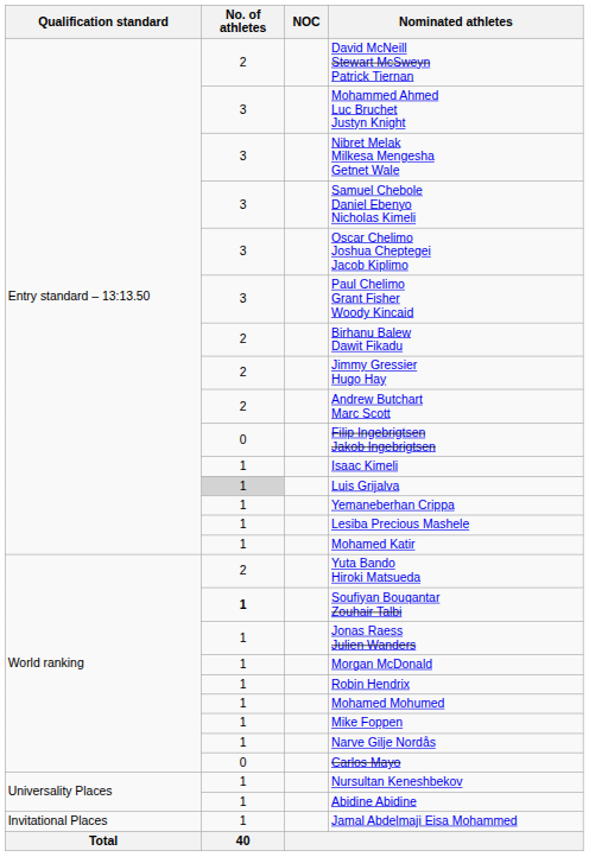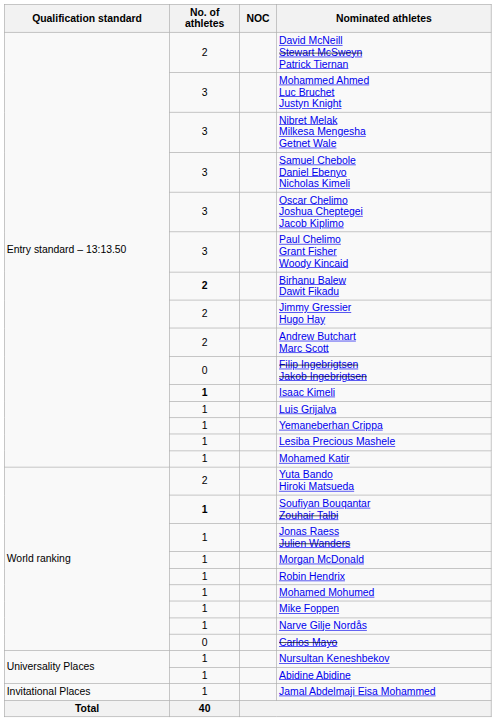 <table class="wikitable" style="text-align:left; width:750px;">
 <tr>
 <th>Qualification standard</th>
 <th width=100>No. of athletes</th>
 <th>NOC</th>
 <th>Nominated athletes</th>
 </tr>
 <tr>
 <td rowspan=15>Entry standard – 13:13.50</td>
 <td align=center>2</td>
 <td></td>
 <td><a href='#'>David McNeill</a><br><s><a href='#'>Stewart McSweyn</a></s><br><a href='#'>Patrick Tiernan</a></td>
 </tr>
 <tr>
 <td align=center>3</td>
 <td></td>
 <td><a href='#'>Mohammed Ahmed</a><br><a href='#'>Luc Bruchet</a><br><a href='#'>Justyn Knight</a></td>
 </tr>
 <tr>
 <td align=center>3</td>
 <td></td>
 <td><a href='#'>Nibret Melak</a><br><a href='#'>Milkesa Mengesha</a><br><a href='#'>Getnet Wale</a></td>
 </tr>
 <tr>
 <td align=center>3</td>
 <td></td>
 <td><a href='#'>Samuel Chebole</a><br><a href='#'>Daniel Ebenyo</a><br><a href='#'>Nicholas Kimeli</a></td>
 </tr>
 <tr>
 <td align=center>3</td>
 <td></td>
 <td><a href='#'>Oscar Chelimo</a><br><a href='#'>Joshua Cheptegei</a><br><a href='#'>Jacob Kiplimo</a></td>
 </tr>
 <tr>
 <td align=center>3</td>
 <td></td>
 <td><a href='#'>Paul Chelimo</a><br><a href='#'>Grant Fisher</a><br><a href='#'>Woody Kincaid</a></td>
 </tr>
 <tr>
-<td align=center>2</td>
+<td align=center><strong>2</strong></td>
 <td></td>
 <td><a href='#'>Birhanu Balew</a><br><a href='#'>Dawit Fikadu</a></td>
 </tr>
 <tr>
 <td align=center>2</td>
 <td></td>
 <td><a href='#'>Jimmy Gressier</a><br><a href='#'>Hugo Hay</a></td>
 </tr>
 <tr>
 <td align=center>2</td>
 <td></td>
 <td><a href='#'>Andrew Butchart</a><br><a href='#'>Marc Scott</a></td>
 </tr>
 <tr>
 <td align=center>0</td>
 <td></td>
 <td><s><a href='#'>Filip Ingebrigtsen</a><br><a href='#'>Jakob Ingebrigtsen</a></s></td>
 </tr>
 <tr>
-<td align=center>1</td>
+<td align=center><strong>1</strong></td>
 <td></td>
 <td><a href='#'>Isaac Kimeli</a></td>
 </tr>
 <tr>
-<td align=center style="background: lightgrey;">1</td>
+<td align=center>1</td>
 <td></td>
 <td><a href='#'>Luis Grijalva</a></td>
 </tr>
 <tr>
 <td align=center>1</td>
 <td></td>
 <td><a href='#'>Yemaneberhan Crippa</a></td>
 </tr>
 <tr>
 <td align=center>1</td>
 <td></td>
 <td><a href='#'>Lesiba Precious Mashele</a></td>
 </tr>
 <tr>
 <td align=center>1</td>
 <td></td>
 <td><a href='#'>Mohamed Katir</a></td>
 </tr>
 <tr>
 <td rowspan=9>World ranking</td>
 <td align=center>2</td>
 <td></td>
 <td><a href='#'>Yuta Bando</a><br><a href='#'>Hiroki Matsueda</a></td>
 </tr>
 <tr>
 <td align=center><strong>1</strong></td>
 <td></td>
 <td><a href='#'>Soufiyan Bouqantar</a><br><s><a href='#'>Zouhair Talbi</a></s></td>
 </tr>
 <tr>
 <td align=center>1</td>
 <td></td>
 <td><a href='#'>Jonas Raess</a><br><s><a href='#'>Julien Wanders</a></s></td>
 </tr>
 <tr>
 <td align=center>1</td>
 <td></td>
 <td><a href='#'>Morgan McDonald</a></td>
 </tr>
 <tr>
 <td align=center>1</td>
 <td></td>
 <td><a href='#'>Robin Hendrix</a></td>
 </tr>
 <tr>
 <td align=center>1</td>
 <td></td>
 <td><a href='#'>Mohamed Mohumed</a></td>
 </tr>
 <tr>
 <td align=center>1</td>
 <td></td>
 <td><a href='#'>Mike Foppen</a></td>
 </tr>
 <tr>
 <td align=center>1</td>
 <td></td>
 <td><a href='#'>Narve Gilje Nordås</a></td>
 </tr>
 <tr>
 <td align=center>0</td>
 <td></td>
 <td><s><a href='#'>Carlos Mayo</a></s></td>
 </tr>
 <tr>
 <td rowspan=2>Universality Places</td>
 <td align=center>1</td>
 <td></td>
 <td><a href='#'>Nursultan Keneshbekov</a></td>
 </tr>
 <tr>
 <td align=center>1</td>
 <td></td>
 <td><a href='#'>Abidine Abidine</a></td>
 </tr>
 <tr>
 <td>Invitational Places</td>
 <td align=center>1</td>
 <td></td>
 <td><a href='#'>Jamal Abdelmaji Eisa Mohammed</a></td>
 </tr>
 <tr>
 <th>Total</th>
 <th>40</th>
 <th colspan=2></th>
 </tr>
 </table>
